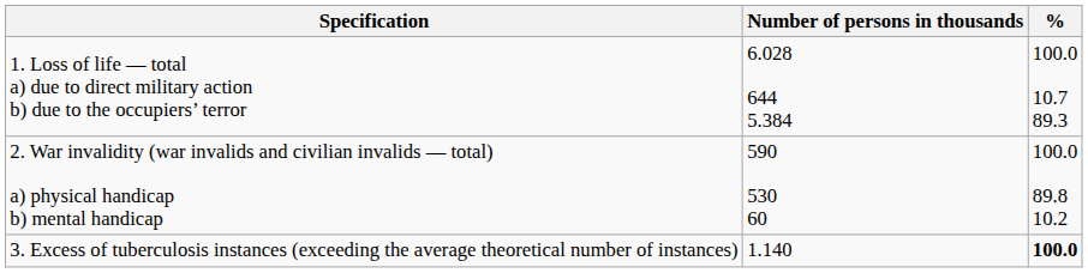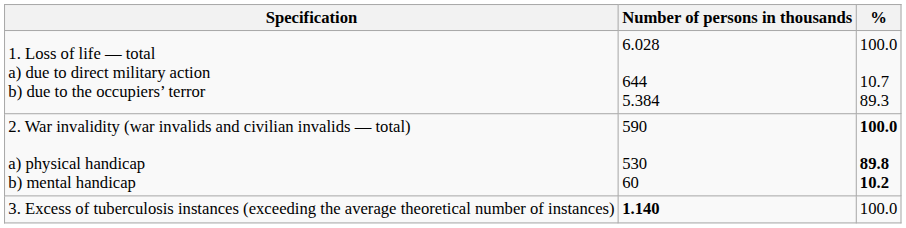 <table class="wikitable" style="text-align:left;">
 <tr>
 <th>Specification</th>
 <th>Number of persons in thousands</th>
 <th>%</th>
 </tr>
 <tr>
 <td>1. Loss of life — total<br>a) due to direct military action<br> b) due to the occupiers’ terror</td>
 <td>6.028<br><br>644<br> 5.384</td>
 <td>100.0<br><br>10.7<br> 89.3</td>
 </tr>
 <tr>
 <td>2. War invalidity (war invalids and civilian invalids — total)<br><br>a) physical handicap<br> b) mental handicap<br></td>
 <td>590<br><br>530<br> 60<br></td>
-<td>100.0<br><br>89.8<br> 10.2<br></td>
+<td><strong>100.0<br><br>89.8<br> 10.2<br></strong></td>
 </tr>
 <tr>
 <td>3. Excess of tuberculosis instances (exceeding the average theoretical number of instances)</td>
-<td>1.140</td>
-<td><strong>100.0</strong></td>
+<td><strong>1.140</strong></td>
+<td>100.0</td>
 </tr>
 </table>
